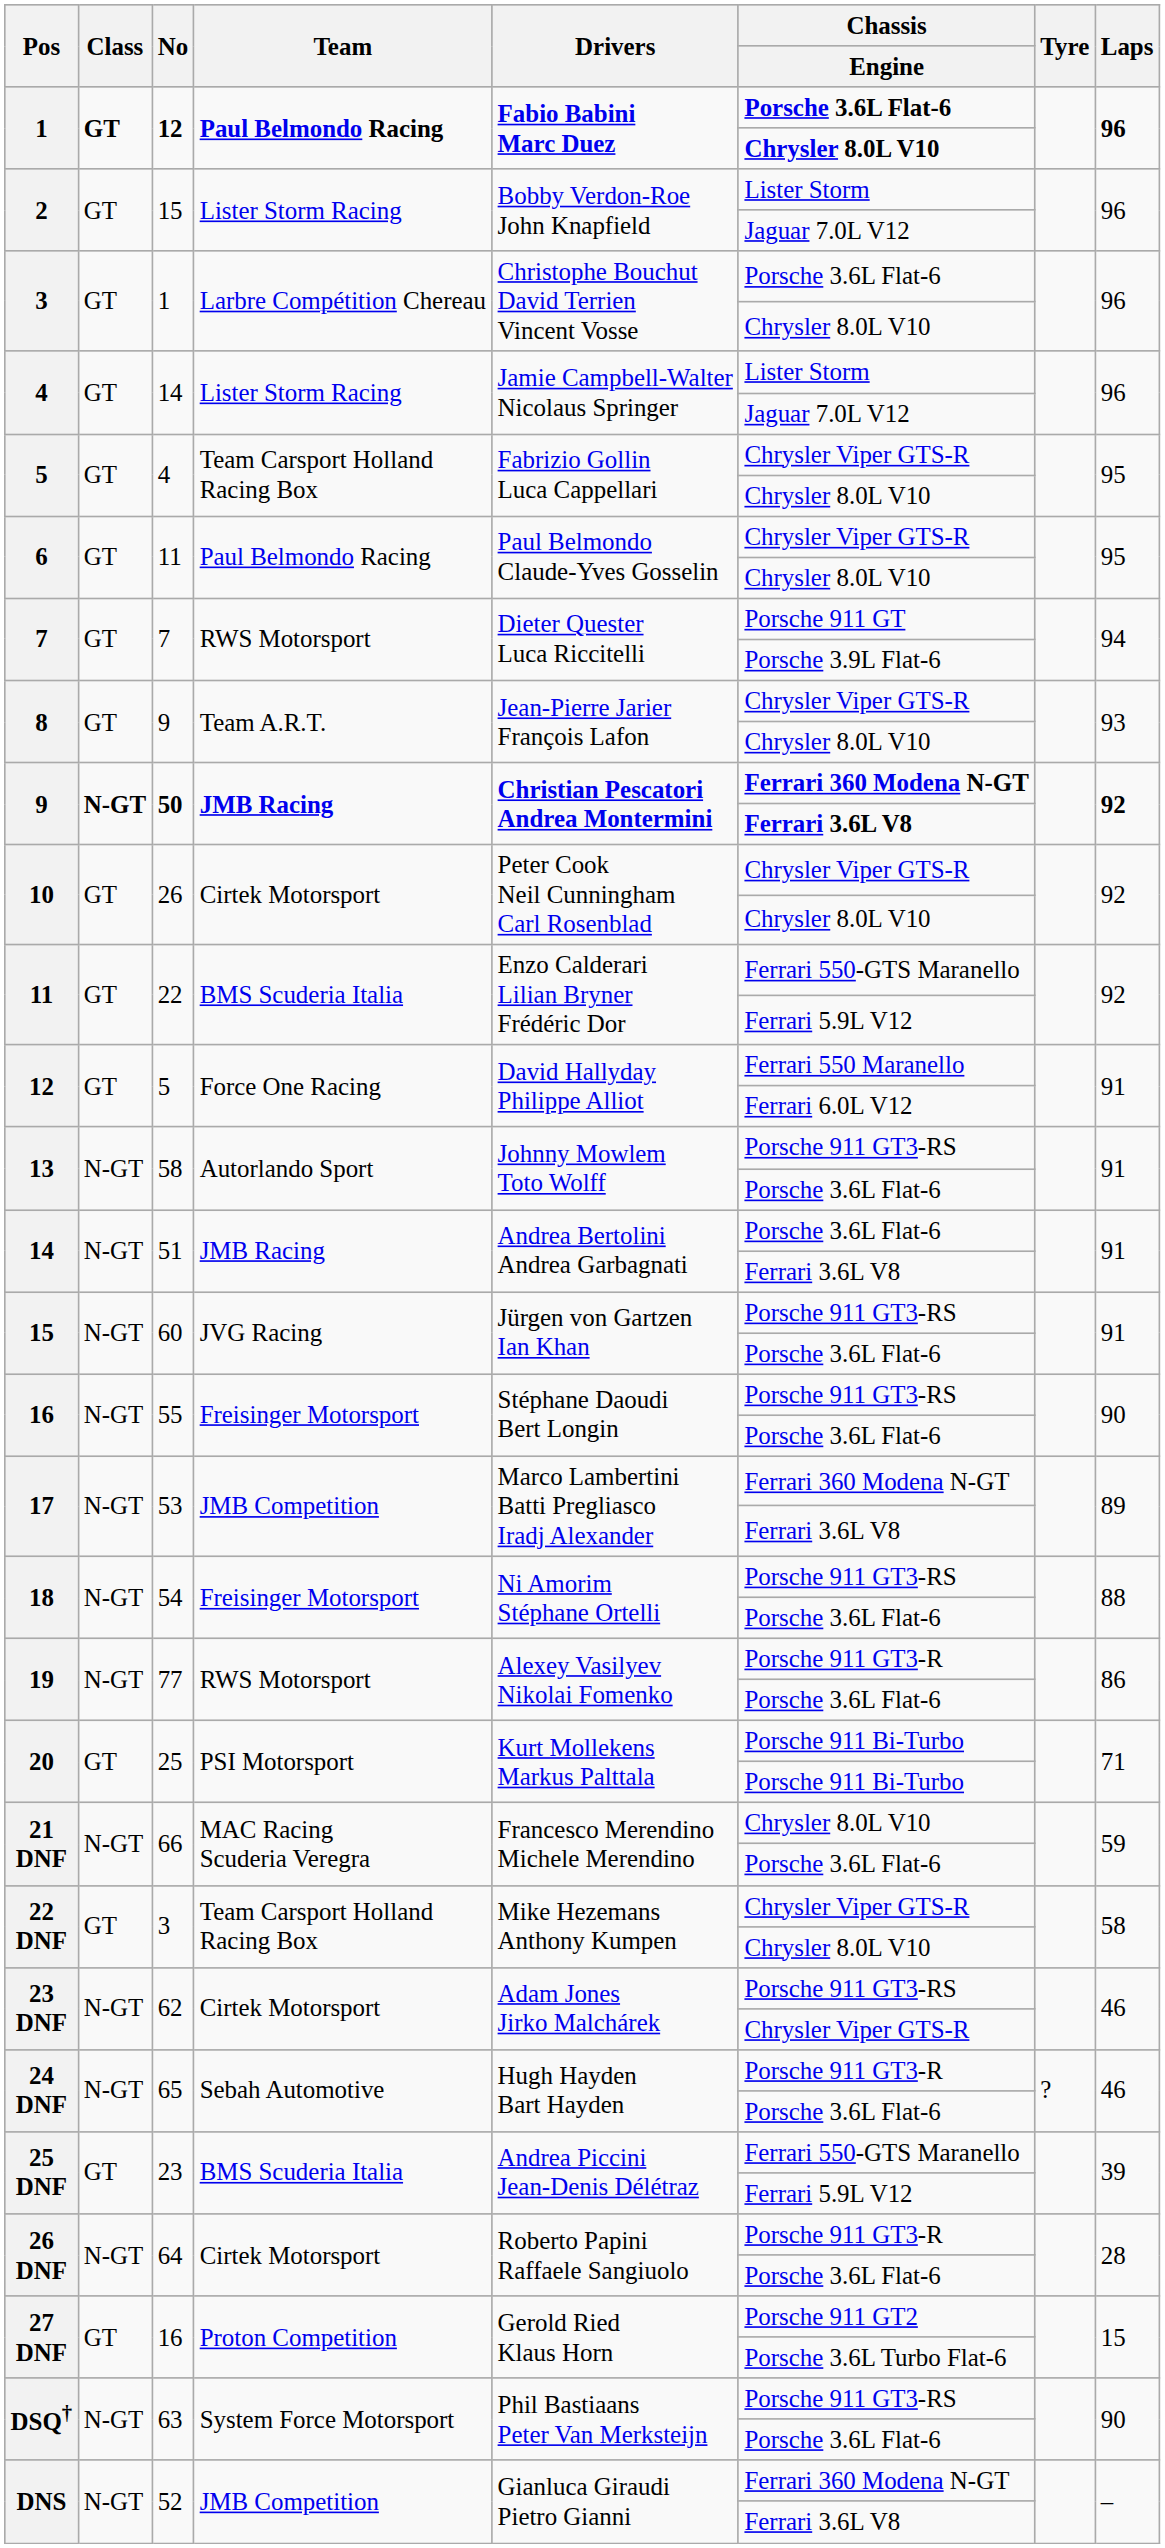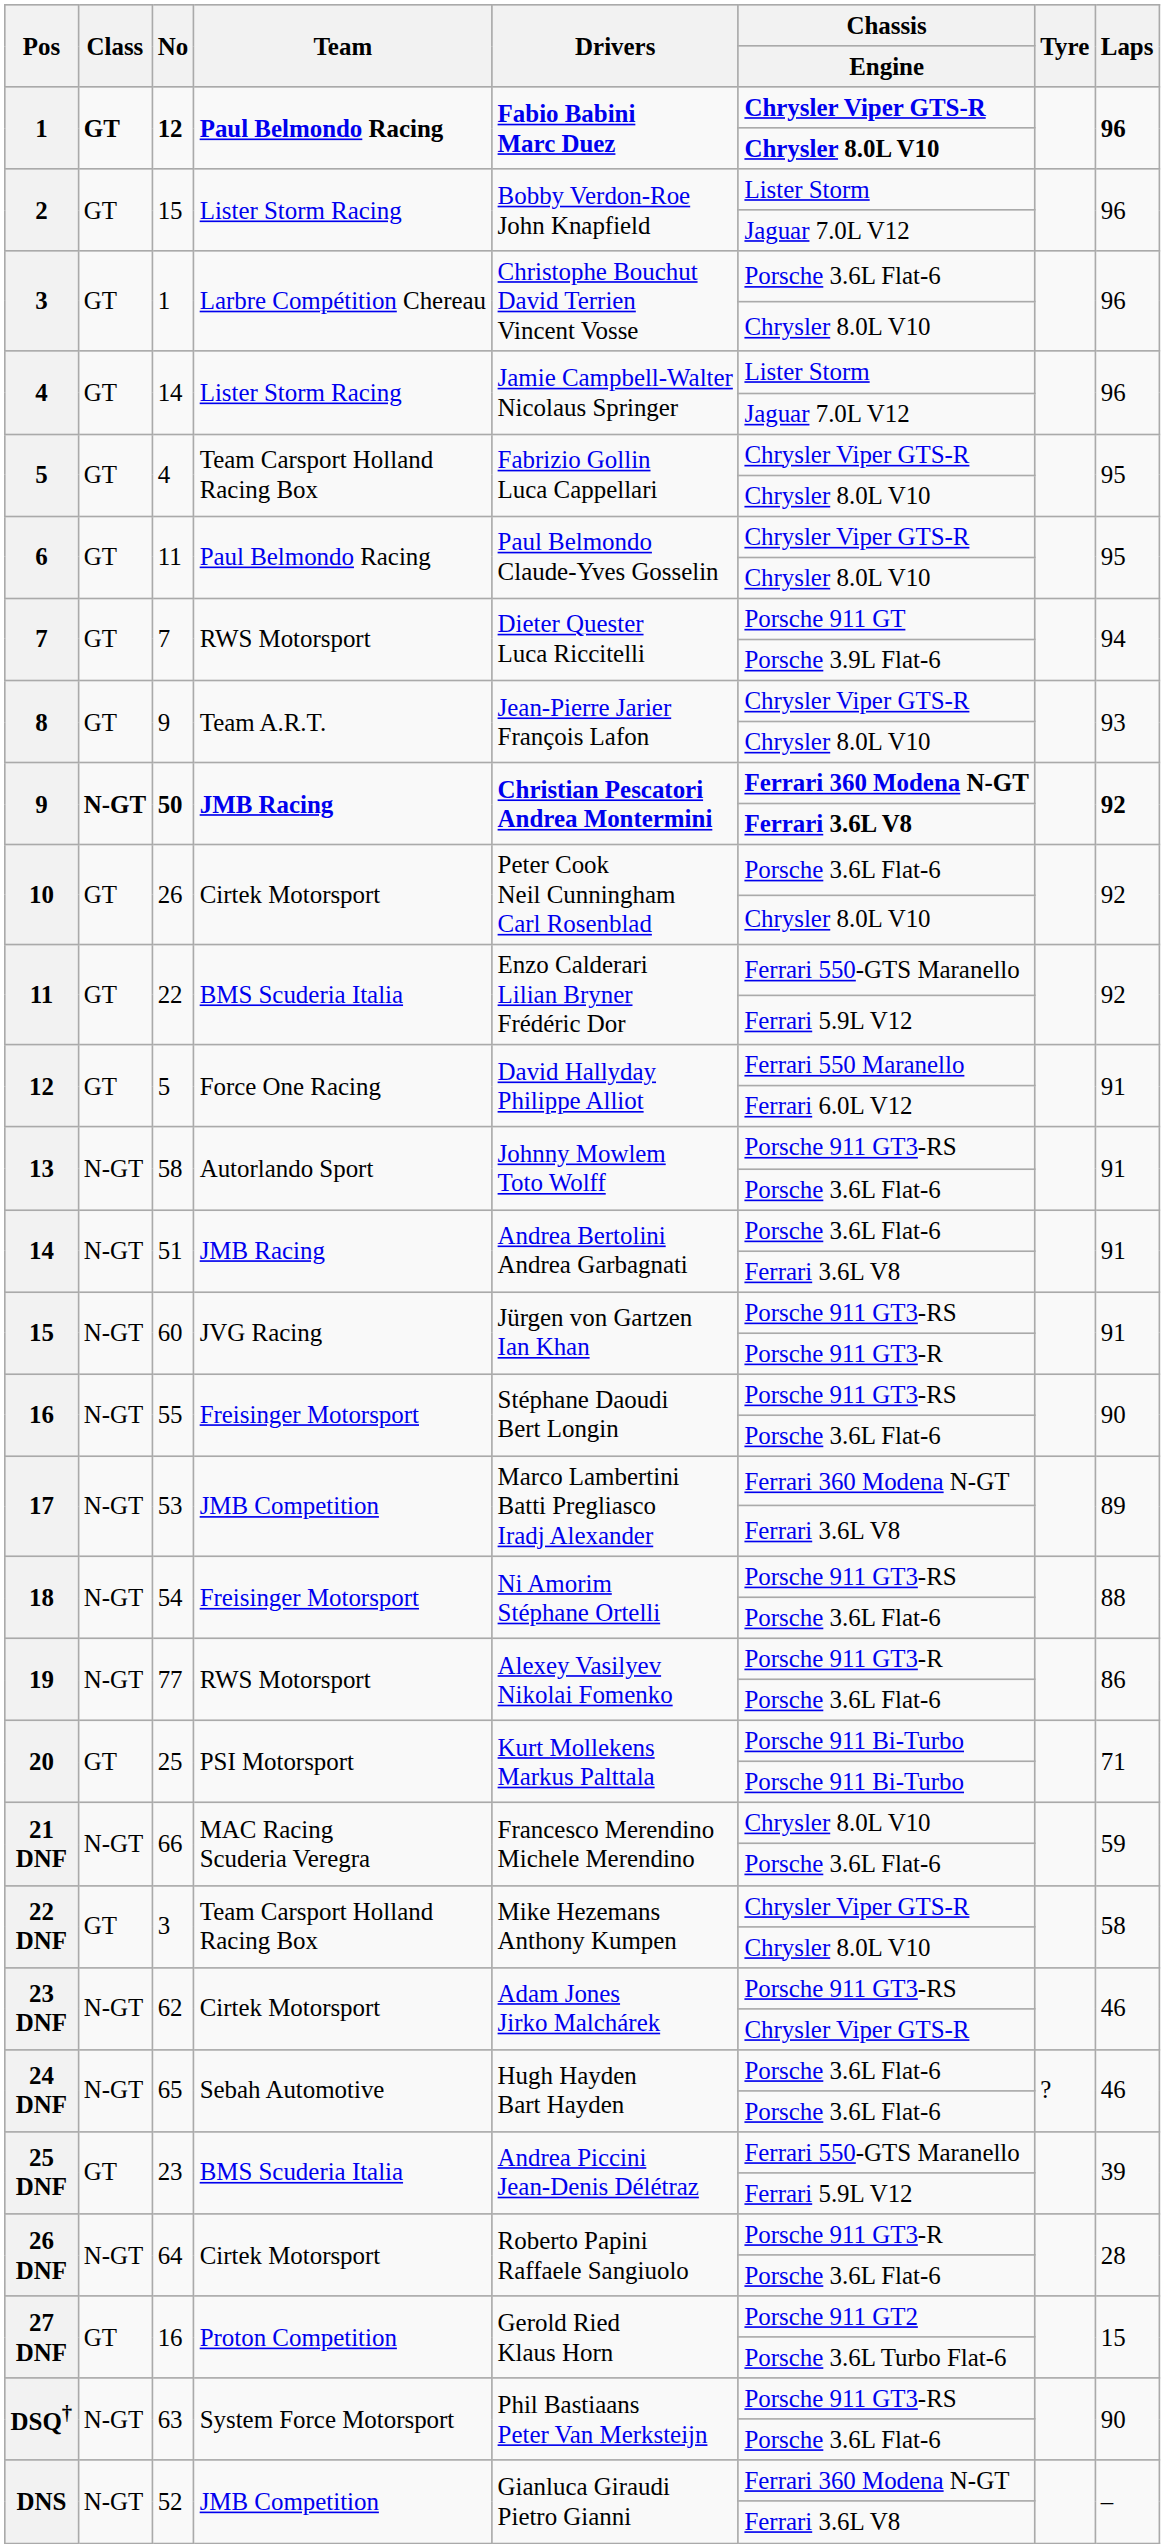 <table class="wikitable" style="font-size: 95%;">
 <tr>
 <th rowspan=2>Pos</th>
 <th rowspan=2>Class</th>
 <th rowspan=2>No</th>
 <th rowspan=2>Team</th>
 <th rowspan=2>Drivers</th>
 <th>Chassis</th>
 <th rowspan=2>Tyre</th>
 <th rowspan=2>Laps</th>
 </tr>
 <tr>
 <th>Engine</th>
 </tr>
 <tr style="font-weight:bold">
 <th rowspan=2>1</th>
 <td rowspan=2>GT</td>
 <td rowspan=2>12</td>
 <td rowspan=2> <a href='#'>Paul Belmondo</a> Racing</td>
 <td rowspan=2> <a href='#'>Fabio Babini</a><br> <a href='#'>Marc Duez</a></td>
-<td><a href='#'>Porsche</a> 3.6L Flat-6</td>
+<td><a href='#'>Chrysler Viper GTS-R</a></td>
 <td rowspan=2></td>
 <td rowspan=2>96</td>
 </tr>
 <tr style="font-weight:bold">
 <td><a href='#'>Chrysler</a> 8.0L V10</td>
 </tr>
 <tr>
 <th rowspan=2>2</th>
 <td rowspan=2>GT</td>
 <td rowspan=2>15</td>
 <td rowspan=2> <a href='#'>Lister Storm Racing</a></td>
 <td rowspan=2> <a href='#'>Bobby Verdon-Roe</a><br> John Knapfield</td>
 <td><a href='#'>Lister Storm</a></td>
 <td rowspan=2></td>
 <td rowspan=2>96</td>
 </tr>
 <tr>
 <td><a href='#'>Jaguar</a> 7.0L V12</td>
 </tr>
 <tr>
 <th rowspan=2>3</th>
 <td rowspan=2>GT</td>
 <td rowspan=2>1</td>
 <td rowspan=2> <a href='#'>Larbre Compétition</a> Chereau</td>
 <td rowspan=2> <a href='#'>Christophe Bouchut</a><br> <a href='#'>David Terrien</a><br> Vincent Vosse</td>
 <td><a href='#'>Porsche</a> 3.6L Flat-6</td>
 <td rowspan=2></td>
 <td rowspan=2>96</td>
 </tr>
 <tr>
 <td><a href='#'>Chrysler</a> 8.0L V10</td>
 </tr>
 <tr>
 <th rowspan=2>4</th>
 <td rowspan=2>GT</td>
 <td rowspan=2>14</td>
 <td rowspan=2> <a href='#'>Lister Storm Racing</a></td>
 <td rowspan=2> <a href='#'>Jamie Campbell-Walter</a><br> Nicolaus Springer</td>
 <td><a href='#'>Lister Storm</a></td>
 <td rowspan=2></td>
 <td rowspan=2>96</td>
 </tr>
 <tr>
 <td><a href='#'>Jaguar</a> 7.0L V12</td>
 </tr>
 <tr>
 <th rowspan=2>5</th>
 <td rowspan=2>GT</td>
 <td rowspan=2>4</td>
 <td rowspan=2> Team Carsport Holland<br> Racing Box</td>
 <td rowspan=2> <a href='#'>Fabrizio Gollin</a><br> Luca Cappellari</td>
 <td><a href='#'>Chrysler Viper GTS-R</a></td>
 <td rowspan=2></td>
 <td rowspan=2>95</td>
 </tr>
 <tr>
 <td><a href='#'>Chrysler</a> 8.0L V10</td>
 </tr>
 <tr>
 <th rowspan=2>6</th>
 <td rowspan=2>GT</td>
 <td rowspan=2>11</td>
 <td rowspan=2> <a href='#'>Paul Belmondo</a> Racing</td>
 <td rowspan=2> <a href='#'>Paul Belmondo</a><br> Claude-Yves Gosselin</td>
 <td><a href='#'>Chrysler Viper GTS-R</a></td>
 <td rowspan=2></td>
 <td rowspan=2>95</td>
 </tr>
 <tr>
 <td><a href='#'>Chrysler</a> 8.0L V10</td>
 </tr>
 <tr>
 <th rowspan=2>7</th>
 <td rowspan=2>GT</td>
 <td rowspan=2>7</td>
 <td rowspan=2> RWS Motorsport</td>
 <td rowspan=2> <a href='#'>Dieter Quester</a><br> Luca Riccitelli</td>
 <td><a href='#'>Porsche 911 GT</a></td>
 <td rowspan=2></td>
 <td rowspan=2>94</td>
 </tr>
 <tr>
 <td><a href='#'>Porsche</a> 3.9L Flat-6</td>
 </tr>
 <tr>
 <th rowspan=2>8</th>
 <td rowspan=2>GT</td>
 <td rowspan=2>9</td>
 <td rowspan=2> Team A.R.T.</td>
 <td rowspan=2> <a href='#'>Jean-Pierre Jarier</a><br> François Lafon</td>
 <td><a href='#'>Chrysler Viper GTS-R</a></td>
 <td rowspan=2></td>
 <td rowspan=2>93</td>
 </tr>
 <tr>
 <td><a href='#'>Chrysler</a> 8.0L V10</td>
 </tr>
 <tr style="font-weight:bold">
 <th rowspan=2>9</th>
 <td rowspan=2>N-GT</td>
 <td rowspan=2>50</td>
 <td rowspan=2> <a href='#'>JMB Racing</a></td>
 <td rowspan=2> <a href='#'>Christian Pescatori</a><br> <a href='#'>Andrea Montermini</a></td>
 <td><a href='#'>Ferrari 360 Modena</a> N-GT</td>
 <td rowspan=2></td>
 <td rowspan=2>92</td>
 </tr>
 <tr style="font-weight:bold">
 <td><a href='#'>Ferrari</a> 3.6L V8</td>
 </tr>
 <tr>
 <th rowspan=2>10</th>
 <td rowspan=2>GT</td>
 <td rowspan=2>26</td>
 <td rowspan=2> Cirtek Motorsport</td>
 <td rowspan=2> Peter Cook<br> Neil Cunningham<br> <a href='#'>Carl Rosenblad</a></td>
-<td><a href='#'>Chrysler Viper GTS-R</a></td>
+<td><a href='#'>Porsche</a> 3.6L Flat-6</td>
 <td rowspan=2></td>
 <td rowspan=2>92</td>
 </tr>
 <tr>
 <td><a href='#'>Chrysler</a> 8.0L V10</td>
 </tr>
 <tr>
 <th rowspan=2>11</th>
 <td rowspan=2>GT</td>
 <td rowspan=2>22</td>
 <td rowspan=2> <a href='#'>BMS Scuderia Italia</a></td>
 <td rowspan=2> Enzo Calderari<br> <a href='#'>Lilian Bryner</a><br> Frédéric Dor</td>
 <td><a href='#'>Ferrari 550</a>-GTS Maranello</td>
 <td rowspan=2></td>
 <td rowspan=2>92</td>
 </tr>
 <tr>
 <td><a href='#'>Ferrari</a> 5.9L V12</td>
 </tr>
 <tr>
 <th rowspan=2>12</th>
 <td rowspan=2>GT</td>
 <td rowspan=2>5</td>
 <td rowspan=2> Force One Racing</td>
 <td rowspan=2> <a href='#'>David Hallyday</a><br> <a href='#'>Philippe Alliot</a></td>
 <td><a href='#'>Ferrari 550 Maranello</a></td>
 <td rowspan=2></td>
 <td rowspan=2>91</td>
 </tr>
 <tr>
 <td><a href='#'>Ferrari</a> 6.0L V12</td>
 </tr>
 <tr>
 <th rowspan=2>13</th>
 <td rowspan=2>N-GT</td>
 <td rowspan=2>58</td>
 <td rowspan=2> Autorlando Sport</td>
 <td rowspan=2> <a href='#'>Johnny Mowlem</a><br> <a href='#'>Toto Wolff</a></td>
 <td><a href='#'>Porsche 911 GT3</a>-RS</td>
 <td rowspan=2></td>
 <td rowspan=2>91</td>
 </tr>
 <tr>
 <td><a href='#'>Porsche</a> 3.6L Flat-6</td>
 </tr>
 <tr>
 <th rowspan=2>14</th>
 <td rowspan=2>N-GT</td>
 <td rowspan=2>51</td>
 <td rowspan=2> <a href='#'>JMB Racing</a></td>
 <td rowspan=2> <a href='#'>Andrea Bertolini</a><br> Andrea Garbagnati</td>
 <td><a href='#'>Porsche</a> 3.6L Flat-6</td>
 <td rowspan=2></td>
 <td rowspan=2>91</td>
 </tr>
 <tr>
 <td><a href='#'>Ferrari</a> 3.6L V8</td>
 </tr>
 <tr>
 <th rowspan=2>15</th>
 <td rowspan=2>N-GT</td>
 <td rowspan=2>60</td>
 <td rowspan=2> JVG Racing</td>
 <td rowspan=2> Jürgen von Gartzen<br> <a href='#'>Ian Khan</a></td>
 <td><a href='#'>Porsche 911 GT3</a>-RS</td>
 <td rowspan=2></td>
 <td rowspan=2>91</td>
 </tr>
 <tr>
-<td><a href='#'>Porsche</a> 3.6L Flat-6</td>
+<td><a href='#'>Porsche 911 GT3</a>-R</td>
 </tr>
 <tr>
 <th rowspan=2>16</th>
 <td rowspan=2>N-GT</td>
 <td rowspan=2>55</td>
 <td rowspan=2> <a href='#'>Freisinger Motorsport</a></td>
 <td rowspan=2> Stéphane Daoudi<br> Bert Longin</td>
 <td><a href='#'>Porsche 911 GT3</a>-RS</td>
 <td rowspan=2></td>
 <td rowspan=2>90</td>
 </tr>
 <tr>
 <td><a href='#'>Porsche</a> 3.6L Flat-6</td>
 </tr>
 <tr>
 <th rowspan=2>17</th>
 <td rowspan=2>N-GT</td>
 <td rowspan=2>53</td>
 <td rowspan=2> <a href='#'>JMB Competition</a></td>
 <td rowspan=2> Marco Lambertini<br> Batti Pregliasco<br> <a href='#'>Iradj Alexander</a></td>
 <td><a href='#'>Ferrari 360 Modena</a> N-GT</td>
 <td rowspan=2></td>
 <td rowspan=2>89</td>
 </tr>
 <tr>
 <td><a href='#'>Ferrari</a> 3.6L V8</td>
 </tr>
 <tr>
 <th rowspan=2>18</th>
 <td rowspan=2>N-GT</td>
 <td rowspan=2>54</td>
 <td rowspan=2> <a href='#'>Freisinger Motorsport</a></td>
 <td rowspan=2> <a href='#'>Ni Amorim</a><br> <a href='#'>Stéphane Ortelli</a></td>
 <td><a href='#'>Porsche 911 GT3</a>-RS</td>
 <td rowspan=2></td>
 <td rowspan=2>88</td>
 </tr>
 <tr>
 <td><a href='#'>Porsche</a> 3.6L Flat-6</td>
 </tr>
 <tr>
 <th rowspan=2>19</th>
 <td rowspan=2>N-GT</td>
 <td rowspan=2>77</td>
 <td rowspan=2> RWS Motorsport</td>
 <td rowspan=2> <a href='#'>Alexey Vasilyev</a><br> <a href='#'>Nikolai Fomenko</a></td>
 <td><a href='#'>Porsche 911 GT3</a>-R</td>
 <td rowspan=2></td>
 <td rowspan=2>86</td>
 </tr>
 <tr>
 <td><a href='#'>Porsche</a> 3.6L Flat-6</td>
 </tr>
 <tr>
 <th rowspan=2>20</th>
 <td rowspan=2>GT</td>
 <td rowspan=2>25</td>
 <td rowspan=2> PSI Motorsport</td>
 <td rowspan=2> <a href='#'>Kurt Mollekens</a><br> <a href='#'>Markus Palttala</a></td>
 <td><a href='#'>Porsche 911 Bi-Turbo</a></td>
 <td rowspan=2></td>
 <td rowspan=2>71</td>
 </tr>
 <tr>
 <td><a href='#'>Porsche 911 Bi-Turbo</a></td>
 </tr>
 <tr>
 <th rowspan=2>21<br>DNF</th>
 <td rowspan=2>N-GT</td>
 <td rowspan=2>66</td>
 <td rowspan=2> MAC Racing<br> Scuderia Veregra</td>
 <td rowspan=2> Francesco Merendino<br> Michele Merendino</td>
 <td><a href='#'>Chrysler</a> 8.0L V10</td>
 <td rowspan=2></td>
 <td rowspan=2>59</td>
 </tr>
 <tr>
 <td><a href='#'>Porsche</a> 3.6L Flat-6</td>
 </tr>
 <tr>
 <th rowspan=2>22<br>DNF</th>
 <td rowspan=2>GT</td>
 <td rowspan=2>3</td>
 <td rowspan=2> Team Carsport Holland<br> Racing Box</td>
 <td rowspan=2> Mike Hezemans<br> Anthony Kumpen</td>
 <td><a href='#'>Chrysler Viper GTS-R</a></td>
 <td rowspan=2></td>
 <td rowspan=2>58</td>
 </tr>
 <tr>
 <td><a href='#'>Chrysler</a> 8.0L V10</td>
 </tr>
 <tr>
 <th rowspan=2>23<br>DNF</th>
 <td rowspan=2>N-GT</td>
 <td rowspan=2>62</td>
 <td rowspan=2> Cirtek Motorsport</td>
 <td rowspan=2> <a href='#'>Adam Jones</a><br> <a href='#'>Jirko Malchárek</a></td>
 <td><a href='#'>Porsche 911 GT3</a>-RS</td>
 <td rowspan=2></td>
 <td rowspan=2>46</td>
 </tr>
 <tr>
 <td><a href='#'>Chrysler Viper GTS-R</a></td>
 </tr>
 <tr>
 <th rowspan=2>24<br>DNF</th>
 <td rowspan=2>N-GT</td>
 <td rowspan=2>65</td>
 <td rowspan=2> Sebah Automotive</td>
 <td rowspan=2> Hugh Hayden<br> Bart Hayden</td>
-<td><a href='#'>Porsche 911 GT3</a>-R</td>
+<td><a href='#'>Porsche</a> 3.6L Flat-6</td>
 <td rowspan=2>?</td>
 <td rowspan=2>46</td>
 </tr>
 <tr>
 <td><a href='#'>Porsche</a> 3.6L Flat-6</td>
 </tr>
 <tr>
 <th rowspan=2>25<br>DNF</th>
 <td rowspan=2>GT</td>
 <td rowspan=2>23</td>
 <td rowspan=2> <a href='#'>BMS Scuderia Italia</a></td>
 <td rowspan=2> <a href='#'>Andrea Piccini</a><br> <a href='#'>Jean-Denis Délétraz</a></td>
 <td><a href='#'>Ferrari 550</a>-GTS Maranello</td>
 <td rowspan=2></td>
 <td rowspan=2>39</td>
 </tr>
 <tr>
 <td><a href='#'>Ferrari</a> 5.9L V12</td>
 </tr>
 <tr>
 <th rowspan=2>26<br>DNF</th>
 <td rowspan=2>N-GT</td>
 <td rowspan=2>64</td>
 <td rowspan=2> Cirtek Motorsport</td>
 <td rowspan=2> Roberto Papini<br> Raffaele Sangiuolo</td>
 <td><a href='#'>Porsche 911 GT3</a>-R</td>
 <td rowspan=2></td>
 <td rowspan=2>28</td>
 </tr>
 <tr>
 <td><a href='#'>Porsche</a> 3.6L Flat-6</td>
 </tr>
 <tr>
 <th rowspan=2>27<br>DNF</th>
 <td rowspan=2>GT</td>
 <td rowspan=2>16</td>
 <td rowspan=2> <a href='#'>Proton Competition</a></td>
 <td rowspan=2> Gerold Ried<br> Klaus Horn</td>
 <td><a href='#'>Porsche 911 GT2</a></td>
 <td rowspan=2></td>
 <td rowspan=2>15</td>
 </tr>
 <tr>
 <td><a href='#'>Porsche</a> 3.6L Turbo Flat-6</td>
 </tr>
 <tr>
 <th rowspan=2>DSQ<sup>†</sup></th>
 <td rowspan=2>N-GT</td>
 <td rowspan=2>63</td>
 <td rowspan=2> System Force Motorsport</td>
 <td rowspan=2> Phil Bastiaans<br> <a href='#'>Peter Van Merksteijn</a></td>
 <td><a href='#'>Porsche 911 GT3</a>-RS</td>
 <td rowspan=2></td>
 <td rowspan=2>90</td>
 </tr>
 <tr>
 <td><a href='#'>Porsche</a> 3.6L Flat-6</td>
 </tr>
 <tr>
 <th rowspan=2>DNS</th>
 <td rowspan=2>N-GT</td>
 <td rowspan=2>52</td>
 <td rowspan=2> <a href='#'>JMB Competition</a></td>
 <td rowspan=2> Gianluca Giraudi<br> Pietro Gianni</td>
 <td><a href='#'>Ferrari 360 Modena</a> N-GT</td>
 <td rowspan=2></td>
 <td rowspan=2>–</td>
 </tr>
 <tr>
 <td><a href='#'>Ferrari</a> 3.6L V8</td>
 </tr>
 </table>
